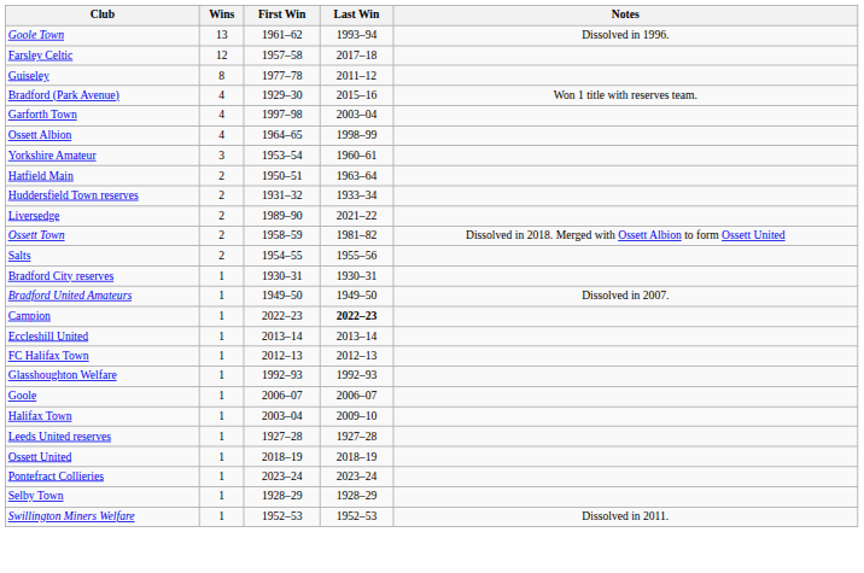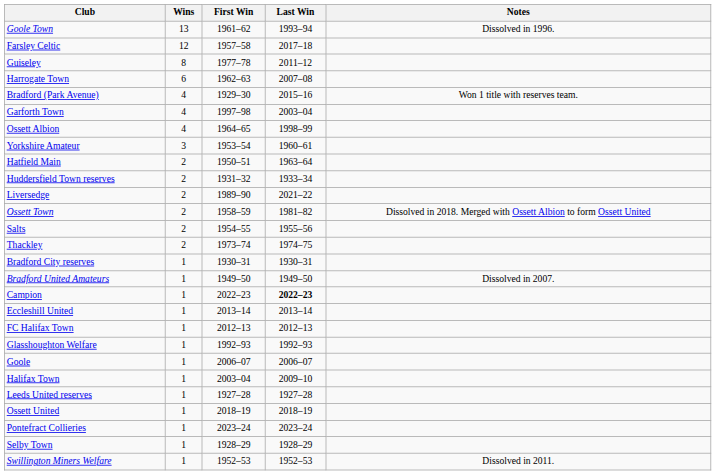 <table class="wikitable" style="text-align: center; width: 100%; font-size: 12px">
 <tr>
 <th>Club</th>
 <th>Wins</th>
 <th>First Win</th>
 <th>Last Win</th>
 <th>Notes</th>
 </tr>
 <tr>
 <td style="text-align: left"><em><a href='#'>Goole Town</a></em></td>
 <td>13</td>
 <td>1961–62</td>
 <td>1993–94</td>
 <td>Dissolved in 1996.</td>
 </tr>
 <tr>
 <td style="text-align: left"><a href='#'>Farsley Celtic</a></td>
 <td>12</td>
 <td>1957–58</td>
 <td>2017–18</td>
 <td></td>
 </tr>
 <tr>
 <td style="text-align: left"><a href='#'>Guiseley</a></td>
 <td>8</td>
 <td>1977–78</td>
 <td>2011–12</td>
+<td></td>
+</tr>
+<tr>
+<td style="text-align: left"><a href='#'>Harrogate Town</a></td>
+<td>6</td>
+<td>1962–63</td>
+<td>2007–08</td>
 <td></td>
 </tr>
 <tr>
 <td style="text-align: left"><a href='#'>Bradford (Park Avenue)</a></td>
 <td>4</td>
 <td>1929–30</td>
 <td>2015–16</td>
 <td>Won 1 title with reserves team.</td>
 </tr>
 <tr>
 <td style="text-align: left"><a href='#'>Garforth Town</a></td>
 <td>4</td>
 <td>1997–98</td>
 <td>2003–04</td>
 <td></td>
 </tr>
 <tr>
 <td style="text-align: left"><a href='#'>Ossett Albion</a></td>
 <td>4</td>
 <td>1964–65</td>
 <td>1998–99</td>
 <td></td>
 </tr>
 <tr>
 <td style="text-align: left"><a href='#'>Yorkshire Amateur</a></td>
 <td>3</td>
 <td>1953–54</td>
 <td>1960–61</td>
 <td></td>
 </tr>
 <tr>
 <td style="text-align: left"><a href='#'>Hatfield Main</a></td>
 <td>2</td>
 <td>1950–51</td>
 <td>1963–64</td>
 <td></td>
 </tr>
 <tr>
 <td style="text-align: left"><a href='#'>Huddersfield Town reserves</a></td>
 <td>2</td>
 <td>1931–32</td>
 <td>1933–34</td>
 <td></td>
 </tr>
 <tr>
 <td style="text-align: left"><a href='#'>Liversedge</a></td>
 <td>2</td>
 <td>1989–90</td>
 <td>2021–22</td>
 <td></td>
 </tr>
 <tr>
 <td style="text-align: left"><em><a href='#'>Ossett Town</a></em></td>
 <td>2</td>
 <td>1958–59</td>
 <td>1981–82</td>
 <td>Dissolved in 2018. Merged with <a href='#'>Ossett Albion</a> to form <a href='#'>Ossett United</a></td>
 </tr>
 <tr>
 <td style="text-align: left"><a href='#'>Salts</a></td>
 <td>2</td>
 <td>1954–55</td>
 <td>1955–56</td>
+<td></td>
+</tr>
+<tr>
+<td style="text-align: left"><a href='#'>Thackley</a></td>
+<td>2</td>
+<td>1973–74</td>
+<td>1974–75</td>
 <td></td>
 </tr>
 <tr>
 <td style="text-align: left"><a href='#'>Bradford City reserves</a></td>
 <td>1</td>
 <td>1930–31</td>
 <td>1930–31</td>
 <td></td>
 </tr>
 <tr>
 <td style="text-align: left"><em><a href='#'>Bradford United Amateurs</a></em></td>
 <td>1</td>
 <td>1949–50</td>
 <td>1949–50</td>
 <td>Dissolved in 2007.</td>
 </tr>
 <tr>
 <td style="text-align: left"><a href='#'>Campion</a></td>
 <td>1</td>
 <td>2022–23</td>
 <td><strong>2022–23</strong></td>
 <td></td>
 </tr>
 <tr>
 <td style="text-align: left"><a href='#'>Eccleshill United</a></td>
 <td>1</td>
 <td>2013–14</td>
 <td>2013–14</td>
 <td></td>
 </tr>
 <tr>
 <td style="text-align: left"><a href='#'>FC Halifax Town</a></td>
 <td>1</td>
 <td>2012–13</td>
 <td>2012–13</td>
 <td></td>
 </tr>
 <tr>
 <td style="text-align: left"><a href='#'>Glasshoughton Welfare</a></td>
 <td>1</td>
 <td>1992–93</td>
 <td>1992–93</td>
 <td></td>
 </tr>
 <tr>
 <td style="text-align: left"><a href='#'>Goole</a></td>
 <td>1</td>
 <td>2006–07</td>
 <td>2006–07</td>
 <td></td>
 </tr>
 <tr>
 <td style="text-align: left"><a href='#'>Halifax Town</a></td>
 <td>1</td>
 <td>2003–04</td>
 <td>2009–10</td>
 <td></td>
 </tr>
 <tr>
 <td style="text-align: left"><a href='#'>Leeds United reserves</a></td>
 <td>1</td>
 <td>1927–28</td>
 <td>1927–28</td>
 <td></td>
 </tr>
 <tr>
 <td style="text-align: left"><a href='#'>Ossett United</a></td>
 <td>1</td>
 <td>2018–19</td>
 <td>2018–19</td>
 <td></td>
 </tr>
 <tr>
 <td style="text-align: left"><a href='#'>Pontefract Collieries</a></td>
 <td>1</td>
 <td>2023–24</td>
 <td>2023–24</td>
 <td></td>
 </tr>
 <tr>
 <td style="text-align: left"><a href='#'>Selby Town</a></td>
 <td>1</td>
 <td>1928–29</td>
 <td>1928–29</td>
 <td></td>
 </tr>
 <tr>
 <td style="text-align: left"><em><a href='#'>Swillington Miners Welfare</a></em></td>
 <td>1</td>
 <td>1952–53</td>
 <td>1952–53</td>
 <td>Dissolved in 2011.</td>
 </tr>
 </table>
